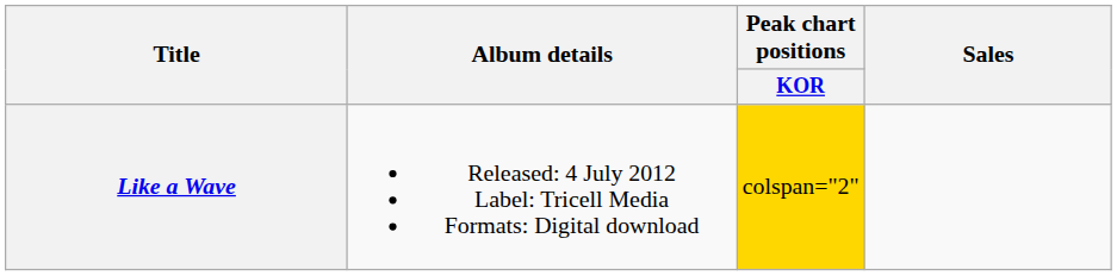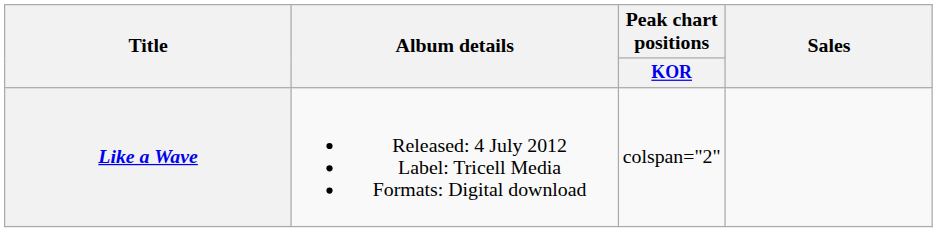 <table class="wikitable plainrowheaders" style="text-align:center;">
 <tr>
 <th scope="col" rowspan="2" style="width:14em;">Title</th>
 <th scope="col" rowspan="2" style="width:16em;">Album details</th>
 <th scope="col" colspan="1">Peak chart positions</th>
 <th scope="col" rowspan="2" style="width:10em;">Sales</th>
 </tr>
 <tr>
 <th scope="col" style="width:3em;font-size:90%;"><a href='#'>KOR</a><br></th>
 </tr>
 <tr>
 <th scope="row"><em><a href='#'>Like a Wave</a></em></th>
 <td><br><ul><li>Released: 4 July 2012</li><li>Label: Tricell Media</li><li>Formats: Digital download</li></ul></td>
-<td style="background: gold;">colspan="2" </td>
+<td>colspan="2" </td>
 </tr>
 </table>
